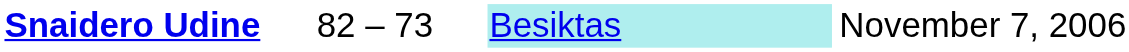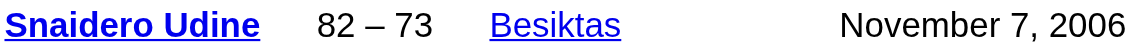 <table style="text-align:center">
 <tr>
 <th width=160></th>
 <th width=100></th>
 <th width=160></th>
 <th width=200></th>
 </tr>
 <tr>
 <td align=right><strong><a href='#'>Snaidero Udine</a></strong> </td>
 <td>82 – 73</td>
-<td align="left" style="background: paleturquoise;"> <a href='#'>Besiktas</a></td>
+<td align="left"> <a href='#'>Besiktas</a></td>
 <td align=left>November 7, 2006</td>
 </tr>
 </table>
